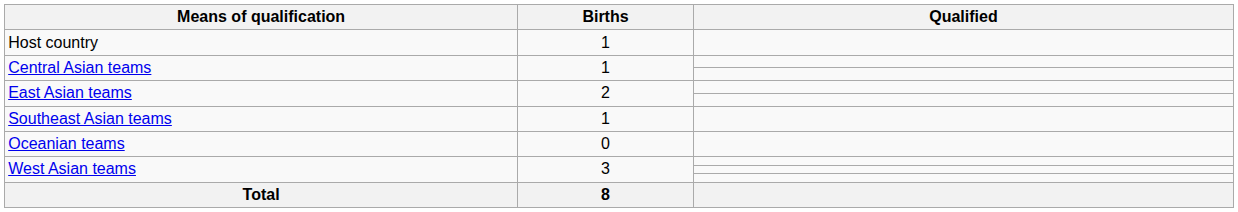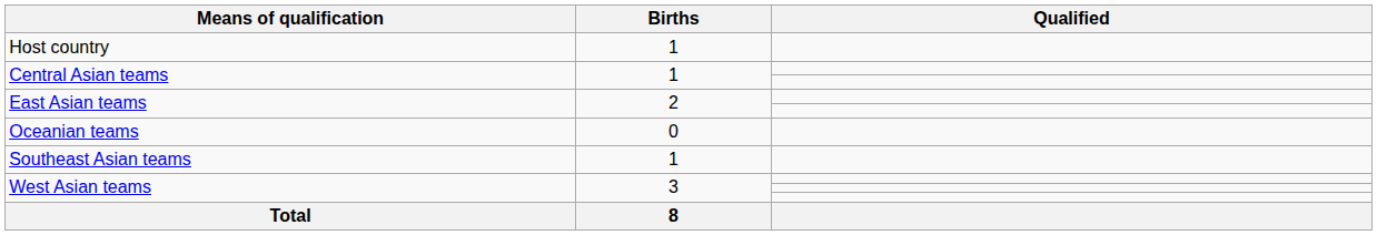 <table class="wikitable" style="margin:0; width:62%;">
 <tr>
 <th style="margin:0; width:38%;">Means of qualification</th>
 <th style="margin:0; width:13%;">Births</th>
 <th style="margin:0; width:40%;">Qualified</th>
 </tr>
 <tr>
 <td>Host country</td>
 <td align=center>1</td>
 <td></td>
 </tr>
 <tr>
 <td rowspan=2><a href='#'>Central Asian teams</a></td>
 <td rowspan=2 align=center>1</td>
 <td></td>
 </tr>
 <tr>
 <td><s></s></td>
 </tr>
 <tr>
 <td rowspan=2><a href='#'>East Asian teams</a></td>
 <td rowspan=2 align=center>2</td>
 <td></td>
 </tr>
 <tr>
 <td></td>
 </tr>
 <tr>
+<td rowspan=1><a href='#'>Oceanian teams</a></td>
+<td rowspan=1 align=center>0</td>
+<td><s></s></td>
+</tr>
+<tr>
 <td rowspan=1><a href='#'>Southeast Asian teams</a></td>
 <td rowspan=1 align=center>1</td>
 <td></td>
-</tr>
-<tr>
-<td rowspan=1><a href='#'>Oceanian teams</a></td>
-<td rowspan=1 align=center>0</td>
-<td><s></s></td>
 </tr>
 <tr>
 <td rowspan=3><a href='#'>West Asian teams</a></td>
 <td rowspan=3 align=center>3</td>
 <td></td>
 </tr>
 <tr>
 <td></td>
 </tr>
 <tr>
 <td></td>
 </tr>
 <tr>
 <th>Total</th>
 <th>8</th>
 <th></th>
 </tr>
 </table>
